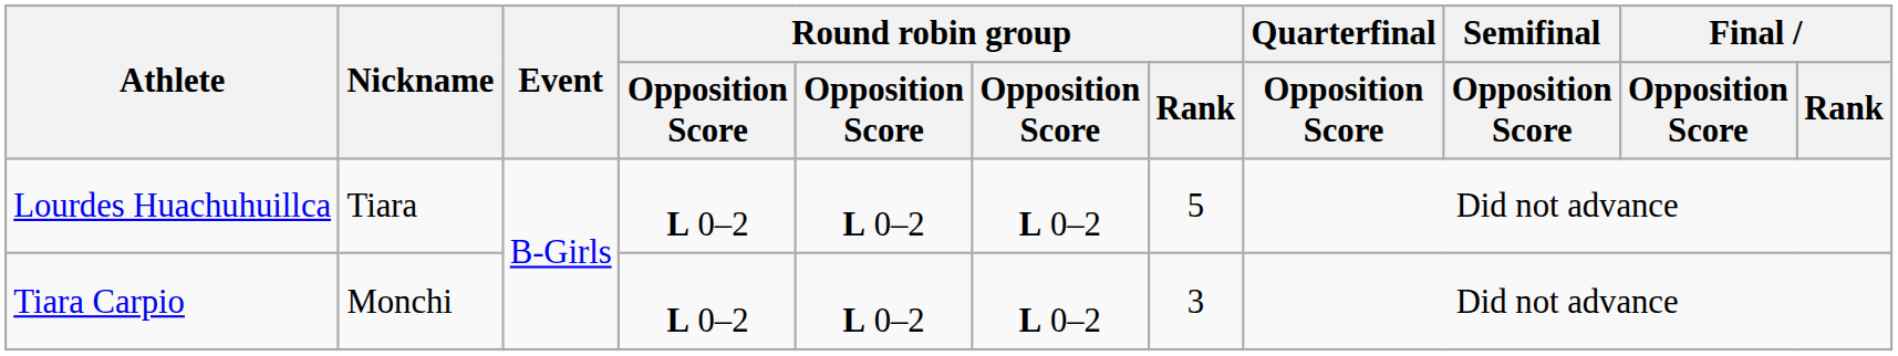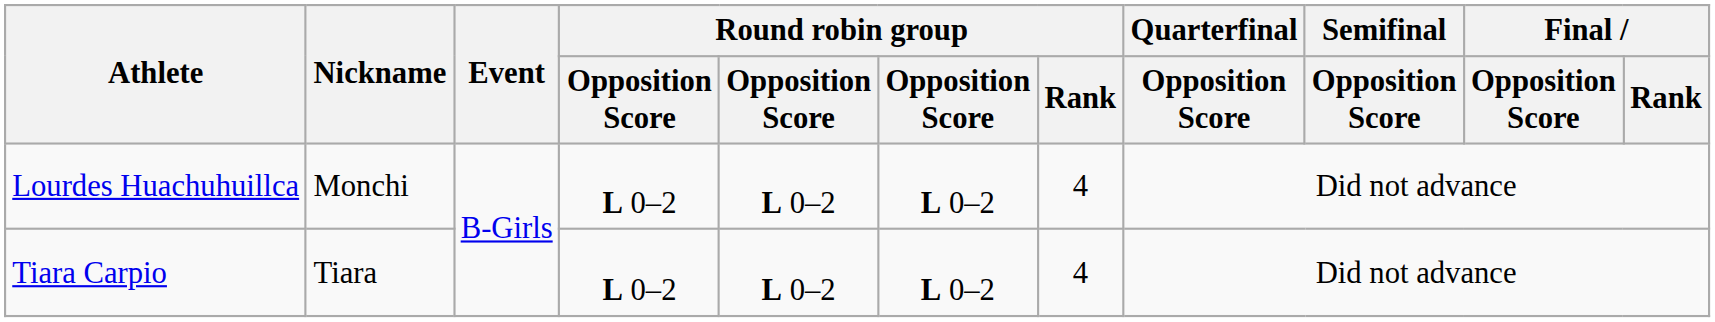 <table class=wikitable style=font-size:90%;text-align:center>
 <tr>
 <th rowspan="2">Athlete</th>
 <th rowspan="2">Nickname</th>
 <th rowspan="2">Event</th>
 <th colspan="4">Round robin group</th>
 <th>Quarterfinal</th>
 <th>Semifinal</th>
 <th colspan="2">Final / </th>
 </tr>
 <tr>
 <th>Opposition<br>Score</th>
 <th>Opposition<br>Score</th>
 <th>Opposition<br>Score</th>
 <th>Rank</th>
 <th>Opposition<br>Score</th>
 <th>Opposition<br>Score</th>
 <th>Opposition<br>Score</th>
 <th>Rank</th>
 </tr>
 <tr>
 <td align=left><a href='#'>Lourdes Huachuhuillca⁣</a></td>
-<td align=left>Tiara</td>
+<td align=left>Monchi</td>
 <td align=left rowspan=2><a href='#'>B-Girls</a></td>
 <td><br> <strong>L</strong> 0–2</td>
 <td><br> <strong>L</strong> 0–2</td>
 <td><br><strong>L</strong> 0–2</td>
-<td>5</td>
+<td>4</td>
 <td colspan=4>Did not advance</td>
 </tr>
 <tr>
 <td align=left><a href='#'>Tiara Carpio⁣</a></td>
-<td align=left>Monchi</td>
+<td align=left>Tiara</td>
 <td><br><strong>L</strong> 0–2</td>
 <td><br><strong>L</strong> 0–2</td>
 <td><br><strong>L</strong> 0–2</td>
-<td>3</td>
+<td>4</td>
 <td colspan=4>Did not advance</td>
 </tr>
 </table>
